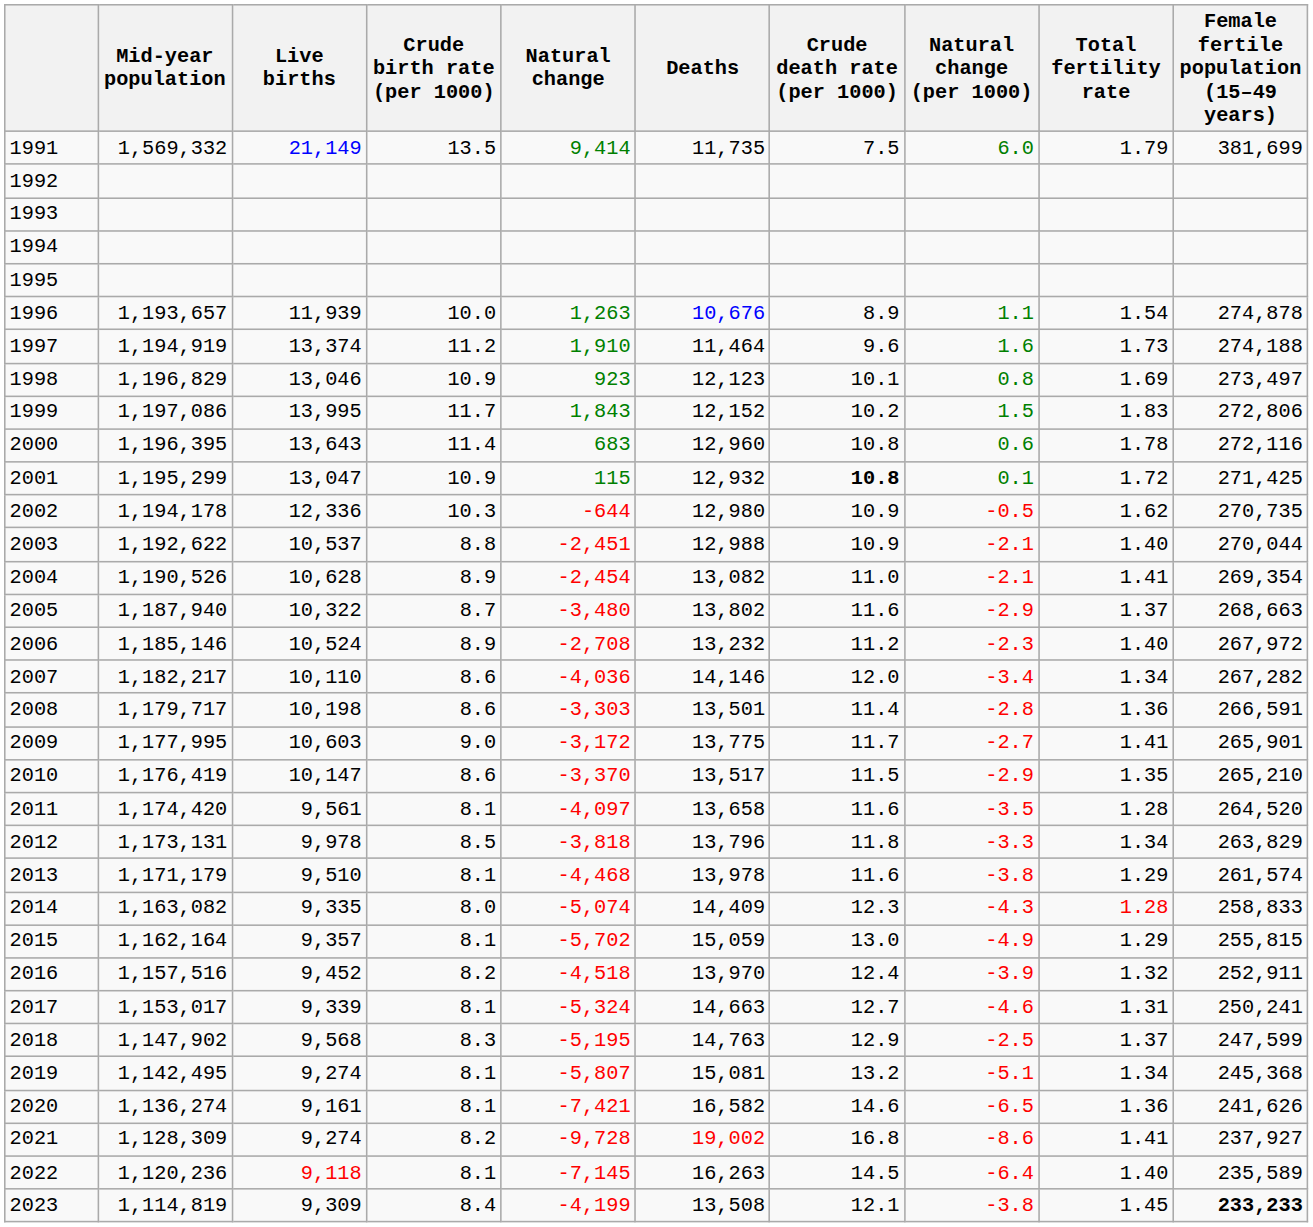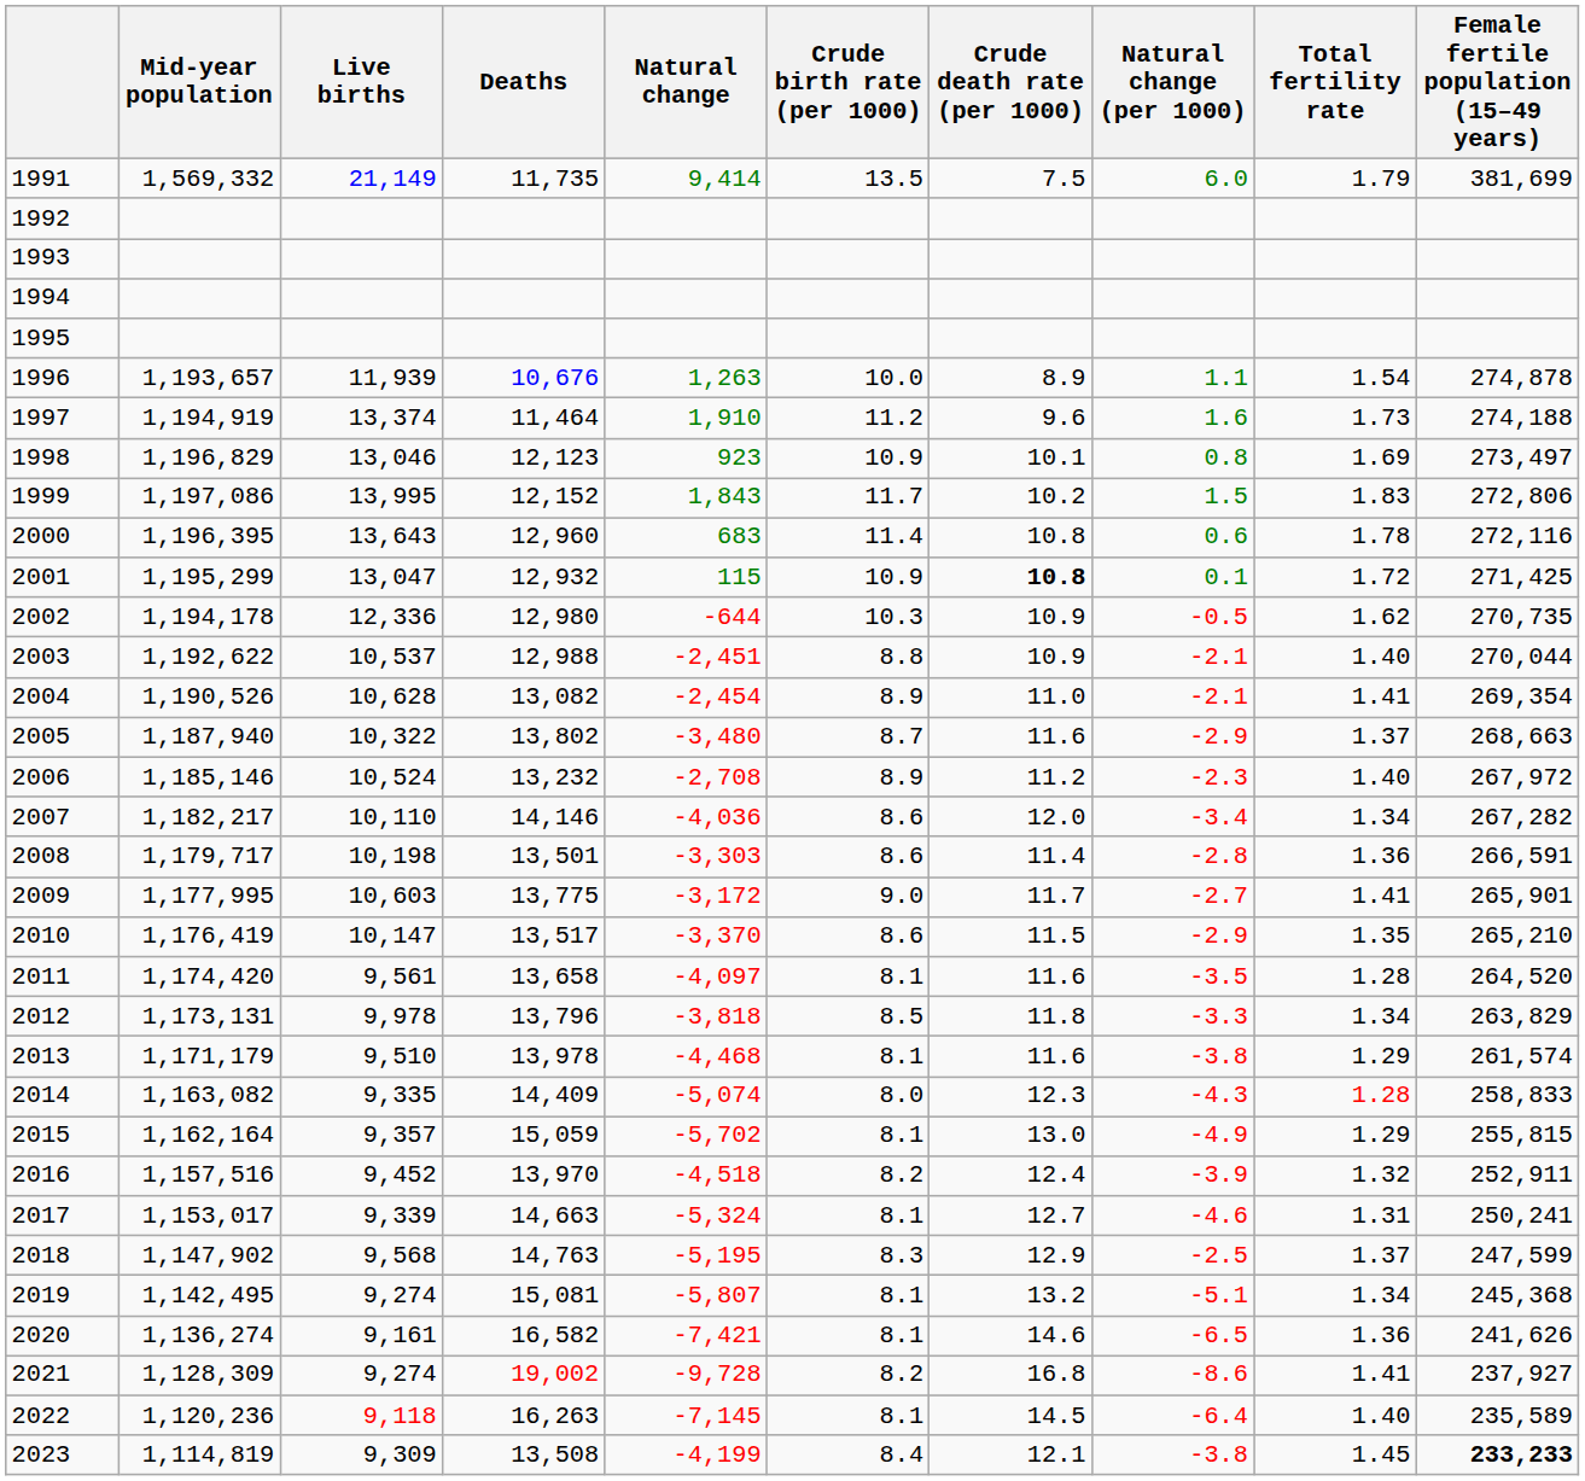 <table class="wikitable sortable collapsible collapsed">
 <tr>
 <th style="width:40pt;"></th>
 <th style="width:60pt;">Mid-year population</th>
 <th style="width:60pt;">Live births</th>
+<th style="width:60pt;">Deaths</th>
+<th style="width:60pt;">Natural change</th>
 <th style="width:60pt;">Crude birth rate (per 1000)</th>
-<th style="width:60pt;">Natural change</th>
-<th style="width:60pt;">Deaths</th>
 <th style="width:60pt;">Crude death rate (per 1000)</th>
 <th style="width:60pt;">Natural change (per 1000)</th>
 <th style="width:60pt;">Total fertility rate</th>
 <th style="width:60pt;">Female fertile population (15–49 years)</th>
 </tr>
 <tr>
 <td>1991</td>
 <td style="text-align:right;">1,569,332</td>
 <td style="text-align:right; color:blue;">21,149</td>
+<td style="text-align:right;">11,735</td>
+<td style="text-align:right; color:green;">9,414</td>
 <td style="text-align:right;">13.5</td>
-<td style="text-align:right; color:green;">9,414</td>
-<td style="text-align:right;">11,735</td>
 <td style="text-align:right;">7.5</td>
 <td style="text-align:right; color:green;">6.0</td>
 <td style="text-align:right;">1.79</td>
 <td style="text-align:right;">381,699</td>
 </tr>
 <tr>
 <td>1992</td>
 <td style="text-align:right;"></td>
 <td style="text-align:right;"></td>
 <td style="text-align:right;"></td>
 <td style="text-align:right; color:green;"></td>
 <td style="text-align:right;"></td>
 <td style="text-align:right;"></td>
 <td style="text-align:right; color:green;"></td>
 <td style="text-align:right;"></td>
 <td style="text-align:right;"></td>
 </tr>
 <tr>
 <td>1993</td>
 <td style="text-align:right;"></td>
 <td style="text-align:right;"></td>
 <td style="text-align:right;"></td>
 <td style="text-align:right; color:green;"></td>
 <td style="text-align:right;"></td>
 <td style="text-align:right;"></td>
 <td style="text-align:right; color:green;"></td>
 <td style="text-align:right;"></td>
 <td style="text-align:right;"></td>
 </tr>
 <tr>
 <td>1994</td>
 <td style="text-align:right;"></td>
 <td style="text-align:right;"></td>
 <td style="text-align:right;"></td>
 <td style="text-align:right; color:green;"></td>
 <td style="text-align:right;"></td>
 <td style="text-align:right;"></td>
 <td style="text-align:right; color:green;"></td>
 <td style="text-align:right;"></td>
 <td style="text-align:right;"></td>
 </tr>
 <tr>
 <td>1995</td>
 <td style="text-align:right;"></td>
 <td style="text-align:right;"></td>
 <td style="text-align:right;"></td>
 <td style="text-align:right; color:green;"></td>
 <td style="text-align:right;"></td>
 <td style="text-align:right;"></td>
 <td style="text-align:right; color:green;"></td>
 <td style="text-align:right;"></td>
 <td style="text-align:right;"></td>
 </tr>
 <tr>
 <td>1996</td>
 <td style="text-align:right;">1,193,657</td>
 <td style="text-align:right;">11,939</td>
+<td style="text-align:right; color:blue;">10,676</td>
+<td style="text-align:right; color:green;">1,263</td>
 <td style="text-align:right;">10.0</td>
-<td style="text-align:right; color:green;">1,263</td>
-<td style="text-align:right; color:blue;">10,676</td>
 <td style="text-align:right;">8.9</td>
 <td style="text-align:right; color:green;">1.1</td>
 <td style="text-align:right;">1.54</td>
 <td style="text-align:right;">274,878</td>
 </tr>
 <tr>
 <td>1997</td>
 <td style="text-align:right;">1,194,919</td>
 <td style="text-align:right;">13,374</td>
+<td style="text-align:right;">11,464</td>
+<td style="text-align:right; color:green;">1,910</td>
 <td style="text-align:right;">11.2</td>
-<td style="text-align:right; color:green;">1,910</td>
-<td style="text-align:right;">11,464</td>
 <td style="text-align:right;">9.6</td>
 <td style="text-align:right; color:green;">1.6</td>
 <td style="text-align:right;">1.73</td>
 <td style="text-align:right;">274,188</td>
 </tr>
 <tr>
 <td>1998</td>
 <td style="text-align:right;">1,196,829</td>
 <td style="text-align:right;">13,046</td>
+<td style="text-align:right;">12,123</td>
+<td style="text-align:right; color:green;">923</td>
 <td style="text-align:right;">10.9</td>
-<td style="text-align:right; color:green;">923</td>
-<td style="text-align:right;">12,123</td>
 <td style="text-align:right;">10.1</td>
 <td style="text-align:right; color:green;">0.8</td>
 <td style="text-align:right;">1.69</td>
 <td style="text-align:right;">273,497</td>
 </tr>
 <tr>
 <td>1999</td>
 <td style="text-align:right;">1,197,086</td>
 <td style="text-align:right;">13,995</td>
+<td style="text-align:right;">12,152</td>
+<td style="text-align:right; color:green;">1,843</td>
 <td style="text-align:right;">11.7</td>
-<td style="text-align:right; color:green;">1,843</td>
-<td style="text-align:right;">12,152</td>
 <td style="text-align:right;">10.2</td>
 <td style="text-align:right; color:green;">1.5</td>
 <td style="text-align:right;">1.83</td>
 <td style="text-align:right;">272,806</td>
 </tr>
 <tr>
 <td>2000</td>
 <td style="text-align:right;">1,196,395</td>
 <td style="text-align:right;">13,643</td>
+<td style="text-align:right;">12,960</td>
+<td style="text-align:right; color:green;">683</td>
 <td style="text-align:right;">11.4</td>
-<td style="text-align:right; color:green;">683</td>
-<td style="text-align:right;">12,960</td>
 <td style="text-align:right;">10.8</td>
 <td style="text-align:right; color:green;">0.6</td>
 <td style="text-align:right;">1.78</td>
 <td style="text-align:right;">272,116</td>
 </tr>
 <tr>
 <td>2001</td>
 <td style="text-align:right;">1,195,299</td>
 <td style="text-align:right;">13,047</td>
+<td style="text-align:right;">12,932</td>
+<td style="text-align:right; color:green;">115</td>
 <td style="text-align:right;">10.9</td>
-<td style="text-align:right; color:green;">115</td>
-<td style="text-align:right;">12,932</td>
 <td style="text-align:right;"><strong>10.8</strong></td>
 <td style="text-align:right; color:green;">0.1</td>
 <td style="text-align:right;">1.72</td>
 <td style="text-align:right;">271,425</td>
 </tr>
 <tr>
 <td>2002</td>
 <td style="text-align:right;">1,194,178</td>
 <td style="text-align:right;">12,336</td>
+<td style="text-align:right;">12,980</td>
+<td style="text-align:right; color:red;">-644</td>
 <td style="text-align:right;">10.3</td>
-<td style="text-align:right; color:red;">-644</td>
-<td style="text-align:right;">12,980</td>
 <td style="text-align:right;">10.9</td>
 <td style="text-align:right; color:red;">-0.5</td>
 <td style="text-align:right;">1.62</td>
 <td style="text-align:right;">270,735</td>
 </tr>
 <tr>
 <td>2003</td>
 <td style="text-align:right;">1,192,622</td>
 <td style="text-align:right;">10,537</td>
+<td style="text-align:right;">12,988</td>
+<td style="text-align:right; color:red;">-2,451</td>
 <td style="text-align:right;">8.8</td>
-<td style="text-align:right; color:red;">-2,451</td>
-<td style="text-align:right;">12,988</td>
 <td style="text-align:right;">10.9</td>
 <td style="text-align:right; color:red;">-2.1</td>
 <td style="text-align:right;">1.40</td>
 <td style="text-align:right;">270,044</td>
 </tr>
 <tr>
 <td>2004</td>
 <td style="text-align:right;">1,190,526</td>
 <td style="text-align:right;">10,628</td>
+<td style="text-align:right;">13,082</td>
+<td style="text-align:right; color:red;">-2,454</td>
 <td style="text-align:right;">8.9</td>
-<td style="text-align:right; color:red;">-2,454</td>
-<td style="text-align:right;">13,082</td>
 <td style="text-align:right;">11.0</td>
 <td style="text-align:right; color:red;">-2.1</td>
 <td style="text-align:right;">1.41</td>
 <td style="text-align:right;">269,354</td>
 </tr>
 <tr>
 <td>2005</td>
 <td style="text-align:right;">1,187,940</td>
 <td style="text-align:right;">10,322</td>
+<td style="text-align:right;">13,802</td>
+<td style="text-align:right; color:red;">-3,480</td>
 <td style="text-align:right;">8.7</td>
-<td style="text-align:right; color:red;">-3,480</td>
-<td style="text-align:right;">13,802</td>
 <td style="text-align:right;">11.6</td>
 <td style="text-align:right; color:red;">-2.9</td>
 <td style="text-align:right;">1.37</td>
 <td style="text-align:right;">268,663</td>
 </tr>
 <tr>
 <td>2006</td>
 <td style="text-align:right;">1,185,146</td>
 <td style="text-align:right;">10,524</td>
+<td style="text-align:right;">13,232</td>
+<td style="text-align:right; color:red;">-2,708</td>
 <td style="text-align:right;">8.9</td>
-<td style="text-align:right; color:red;">-2,708</td>
-<td style="text-align:right;">13,232</td>
 <td style="text-align:right;">11.2</td>
 <td style="text-align:right; color:red;">-2.3</td>
 <td style="text-align:right;">1.40</td>
 <td style="text-align:right;">267,972</td>
 </tr>
 <tr>
 <td>2007</td>
 <td style="text-align:right;">1,182,217</td>
 <td style="text-align:right;">10,110</td>
+<td style="text-align:right;">14,146</td>
+<td style="text-align:right; color:red;">-4,036</td>
 <td style="text-align:right;">8.6</td>
-<td style="text-align:right; color:red;">-4,036</td>
-<td style="text-align:right;">14,146</td>
 <td style="text-align:right;">12.0</td>
 <td style="text-align:right; color:red;">-3.4</td>
 <td style="text-align:right;">1.34</td>
 <td style="text-align:right;">267,282</td>
 </tr>
 <tr>
 <td>2008</td>
 <td style="text-align:right;">1,179,717</td>
 <td style="text-align:right;">10,198</td>
+<td style="text-align:right;">13,501</td>
+<td style="text-align:right; color:red;">-3,303</td>
 <td style="text-align:right;">8.6</td>
-<td style="text-align:right; color:red;">-3,303</td>
-<td style="text-align:right;">13,501</td>
 <td style="text-align:right;">11.4</td>
 <td style="text-align:right; color:red;">-2.8</td>
 <td style="text-align:right;">1.36</td>
 <td style="text-align:right;">266,591</td>
 </tr>
 <tr>
 <td>2009</td>
 <td style="text-align:right;">1,177,995</td>
 <td style="text-align:right;">10,603</td>
+<td style="text-align:right;">13,775</td>
+<td style="text-align:right; color:red;">-3,172</td>
 <td style="text-align:right;">9.0</td>
-<td style="text-align:right; color:red;">-3,172</td>
-<td style="text-align:right;">13,775</td>
 <td style="text-align:right;">11.7</td>
 <td style="text-align:right; color:red;">-2.7</td>
 <td style="text-align:right;">1.41</td>
 <td style="text-align:right;">265,901</td>
 </tr>
 <tr>
 <td>2010</td>
 <td style="text-align:right;">1,176,419</td>
 <td style="text-align:right;">10,147</td>
+<td style="text-align:right;">13,517</td>
+<td style="text-align:right; color:red;">-3,370</td>
 <td style="text-align:right;">8.6</td>
-<td style="text-align:right; color:red;">-3,370</td>
-<td style="text-align:right;">13,517</td>
 <td style="text-align:right;">11.5</td>
 <td style="text-align:right; color:red;">-2.9</td>
 <td style="text-align:right;">1.35</td>
 <td style="text-align:right;">265,210</td>
 </tr>
 <tr>
 <td>2011</td>
 <td style="text-align:right;">1,174,420</td>
 <td style="text-align:right;">9,561</td>
+<td style="text-align:right;">13,658</td>
+<td style="text-align:right; color:red;">-4,097</td>
 <td style="text-align:right;">8.1</td>
-<td style="text-align:right; color:red;">-4,097</td>
-<td style="text-align:right;">13,658</td>
 <td style="text-align:right;">11.6</td>
 <td style="text-align:right; color:red;">-3.5</td>
 <td style="text-align:right;">1.28</td>
 <td style="text-align:right;">264,520</td>
 </tr>
 <tr>
 <td>2012</td>
 <td style="text-align:right;">1,173,131</td>
 <td style="text-align:right;">9,978</td>
+<td style="text-align:right;">13,796</td>
+<td style="text-align:right; color:red;">-3,818</td>
 <td style="text-align:right;">8.5</td>
-<td style="text-align:right; color:red;">-3,818</td>
-<td style="text-align:right;">13,796</td>
 <td style="text-align:right;">11.8</td>
 <td style="text-align:right; color:red;">-3.3</td>
 <td style="text-align:right;">1.34</td>
 <td style="text-align:right;">263,829</td>
 </tr>
 <tr>
 <td>2013</td>
 <td style="text-align:right;">1,171,179</td>
 <td style="text-align:right;">9,510</td>
+<td style="text-align:right;">13,978</td>
+<td style="text-align:right; color:red;">-4,468</td>
 <td style="text-align:right;">8.1</td>
-<td style="text-align:right; color:red;">-4,468</td>
-<td style="text-align:right;">13,978</td>
 <td style="text-align:right;">11.6</td>
 <td style="text-align:right; color:red;">-3.8</td>
 <td style="text-align:right;">1.29</td>
 <td style="text-align:right;">261,574</td>
 </tr>
 <tr>
 <td>2014</td>
 <td style="text-align:right;">1,163,082</td>
 <td style="text-align:right;">9,335</td>
+<td style="text-align:right;">14,409</td>
+<td style="text-align:right; color:red;">-5,074</td>
 <td style="text-align:right;">8.0</td>
-<td style="text-align:right; color:red;">-5,074</td>
-<td style="text-align:right;">14,409</td>
 <td style="text-align:right;">12.3</td>
 <td style="text-align:right; color:red;">-4.3</td>
 <td style="text-align:right; color:red;">1.28</td>
 <td style="text-align:right;">258,833</td>
 </tr>
 <tr>
 <td>2015</td>
 <td style="text-align:right;">1,162,164</td>
 <td style="text-align:right;">9,357</td>
+<td style="text-align:right;">15,059</td>
+<td style="text-align:right; color:red;">-5,702</td>
 <td style="text-align:right;">8.1</td>
-<td style="text-align:right; color:red;">-5,702</td>
-<td style="text-align:right;">15,059</td>
 <td style="text-align:right;">13.0</td>
 <td style="text-align:right; color:red;">-4.9</td>
 <td style="text-align:right;">1.29</td>
 <td style="text-align:right;">255,815</td>
 </tr>
 <tr>
 <td>2016</td>
 <td style="text-align:right;">1,157,516</td>
 <td style="text-align:right;">9,452</td>
+<td style="text-align:right;">13,970</td>
+<td style="text-align:right; color:red;">-4,518</td>
 <td style="text-align:right;">8.2</td>
-<td style="text-align:right; color:red;">-4,518</td>
-<td style="text-align:right;">13,970</td>
 <td style="text-align:right;">12.4</td>
 <td style="text-align:right; color:red;">-3.9</td>
 <td style="text-align:right;">1.32</td>
 <td style="text-align:right;">252,911</td>
 </tr>
 <tr>
 <td>2017</td>
 <td style="text-align:right;">1,153,017</td>
 <td style="text-align:right;">9,339</td>
+<td style="text-align:right;">14,663</td>
+<td style="text-align:right; color:red;">-5,324</td>
 <td style="text-align:right;">8.1</td>
-<td style="text-align:right; color:red;">-5,324</td>
-<td style="text-align:right;">14,663</td>
 <td style="text-align:right;">12.7</td>
 <td style="text-align:right; color:red;">-4.6</td>
 <td style="text-align:right;">1.31</td>
 <td style="text-align:right;">250,241</td>
 </tr>
 <tr>
 <td>2018</td>
 <td style="text-align:right;">1,147,902</td>
 <td style="text-align:right;">9,568</td>
+<td style="text-align:right;">14,763</td>
+<td style="text-align:right; color:red;">-5,195</td>
 <td style="text-align:right;">8.3</td>
-<td style="text-align:right; color:red;">-5,195</td>
-<td style="text-align:right;">14,763</td>
 <td style="text-align:right;">12.9</td>
 <td style="text-align:right; color:red;">-2.5</td>
 <td style="text-align:right;">1.37</td>
 <td style="text-align:right;">247,599</td>
 </tr>
 <tr>
 <td>2019</td>
 <td style="text-align:right;">1,142,495</td>
 <td style="text-align:right;">9,274</td>
+<td style="text-align:right;">15,081</td>
+<td style="text-align:right; color:red;">-5,807</td>
 <td style="text-align:right;">8.1</td>
-<td style="text-align:right; color:red;">-5,807</td>
-<td style="text-align:right;">15,081</td>
 <td style="text-align:right;">13.2</td>
 <td style="text-align:right; color:red;">-5.1</td>
 <td style="text-align:right;">1.34</td>
 <td style="text-align:right;">245,368</td>
 </tr>
 <tr>
 <td>2020</td>
 <td style="text-align:right;">1,136,274</td>
 <td style="text-align:right;">9,161</td>
+<td style="text-align:right;">16,582</td>
+<td style="text-align:right; color:red;">-7,421</td>
 <td style="text-align:right;">8.1</td>
-<td style="text-align:right; color:red;">-7,421</td>
-<td style="text-align:right;">16,582</td>
 <td style="text-align:right;">14.6</td>
 <td style="text-align:right; color:red;">-6.5</td>
 <td style="text-align:right;">1.36</td>
 <td style="text-align:right;">241,626</td>
 </tr>
 <tr>
 <td>2021</td>
 <td style="text-align:right;">1,128,309</td>
 <td style="text-align:right;">9,274</td>
+<td style="text-align:right; color:red;">19,002</td>
+<td style="text-align:right; color:red;">-9,728</td>
 <td style="text-align:right;">8.2</td>
-<td style="text-align:right; color:red;">-9,728</td>
-<td style="text-align:right; color:red;">19,002</td>
 <td style="text-align:right;">16.8</td>
 <td style="text-align:right; color:red;">-8.6</td>
 <td style="text-align:right;">1.41</td>
 <td style="text-align:right;">237,927</td>
 </tr>
 <tr>
 <td>2022</td>
 <td style="text-align:right;">1,120,236</td>
 <td style="text-align:right; color:red;">9,118</td>
+<td style="text-align:right;">16,263</td>
+<td style="text-align:right; color:red;">-7,145</td>
 <td style="text-align:right;">8.1</td>
-<td style="text-align:right; color:red;">-7,145</td>
-<td style="text-align:right;">16,263</td>
 <td style="text-align:right;">14.5</td>
 <td style="text-align:right; color:red;">-6.4</td>
 <td style="text-align:right;">1.40</td>
 <td style="text-align:right;">235,589</td>
 </tr>
 <tr>
 <td>2023</td>
 <td style="text-align:right;">1,114,819</td>
 <td style="text-align:right;">9,309</td>
+<td style="text-align:right;">13,508</td>
+<td style="text-align:right; color:red;">-4,199</td>
 <td style="text-align:right;">8.4</td>
-<td style="text-align:right; color:red;">-4,199</td>
-<td style="text-align:right;">13,508</td>
 <td style="text-align:right;">12.1</td>
 <td style="text-align:right; color:red;">-3.8</td>
 <td style="text-align:right;">1.45</td>
 <td style="text-align:right;"><strong>233,233</strong></td>
 </tr>
 </table>
